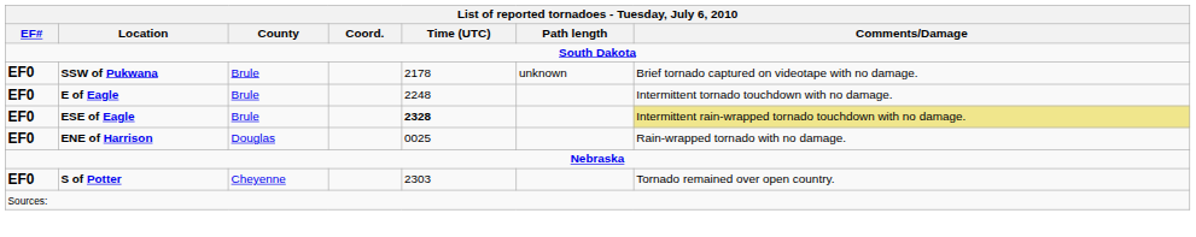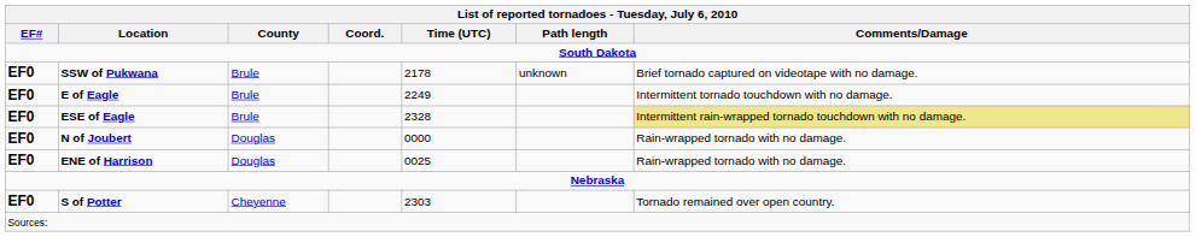 <table class="wikitable collapsible" style="width:100%;">
 <tr>
 <th colspan="7">List of reported tornadoes - Tuesday, July 6, 2010</th>
 </tr>
 <tr>
 <th><a href='#'>EF#</a></th>
 <th>Location</th>
 <th>County</th>
 <th>Coord.</th>
 <th>Time (UTC)</th>
 <th>Path length</th>
 <th>Comments/Damage</th>
 </tr>
 <tr>
 <td colspan="7" style="text-align:center;"><strong><a href='#'>South Dakota</a></strong></td>
 </tr>
 <tr>
 <td><big><strong>EF0</strong></big></td>
 <td><strong>SSW of <a href='#'>Pukwana</a></strong></td>
 <td><a href='#'>Brule</a></td>
 <td></td>
 <td>2178</td>
 <td>unknown</td>
 <td>Brief tornado captured on videotape with no damage.</td>
 </tr>
 <tr>
 <td><big><strong>EF0</strong></big></td>
 <td><strong>E of <a href='#'>Eagle</a></strong></td>
 <td><a href='#'>Brule</a></td>
 <td></td>
-<td>2248</td>
+<td>2249</td>
 <td></td>
 <td>Intermittent tornado touchdown with no damage.</td>
 </tr>
 <tr>
 <td><big><strong>EF0</strong></big></td>
 <td><strong>ESE of <a href='#'>Eagle</a></strong></td>
 <td><a href='#'>Brule</a></td>
 <td></td>
-<td><strong>2328</strong></td>
+<td>2328</td>
 <td></td>
 <td style="background: khaki;">Intermittent rain-wrapped tornado touchdown with no damage.</td>
+</tr>
+<tr>
+<td><big><strong>EF0</strong></big></td>
+<td><strong>N of <a href='#'>Joubert</a></strong></td>
+<td><a href='#'>Douglas</a></td>
+<td></td>
+<td>0000</td>
+<td></td>
+<td>Rain-wrapped tornado with no damage.</td>
 </tr>
 <tr>
 <td><big><strong>EF0</strong></big></td>
 <td><strong>ENE of <a href='#'>Harrison</a></strong></td>
 <td><a href='#'>Douglas</a></td>
 <td></td>
 <td>0025</td>
 <td></td>
 <td>Rain-wrapped tornado with no damage.</td>
 </tr>
 <tr>
 <td colspan="7" style="text-align:center;"><strong><a href='#'>Nebraska</a></strong></td>
 </tr>
 <tr>
 <td><big><strong>EF0</strong></big></td>
 <td><strong>S of <a href='#'>Potter</a></strong></td>
 <td><a href='#'>Cheyenne</a></td>
 <td></td>
 <td>2303</td>
 <td></td>
 <td>Tornado remained over open country.</td>
 </tr>
 <tr>
 <td colspan="7"><small>Sources: </small></td>
 </tr>
 </table>
